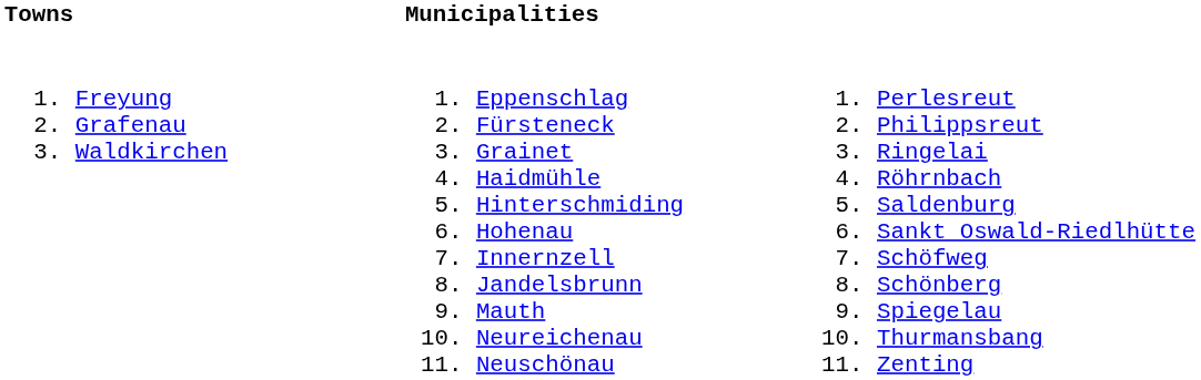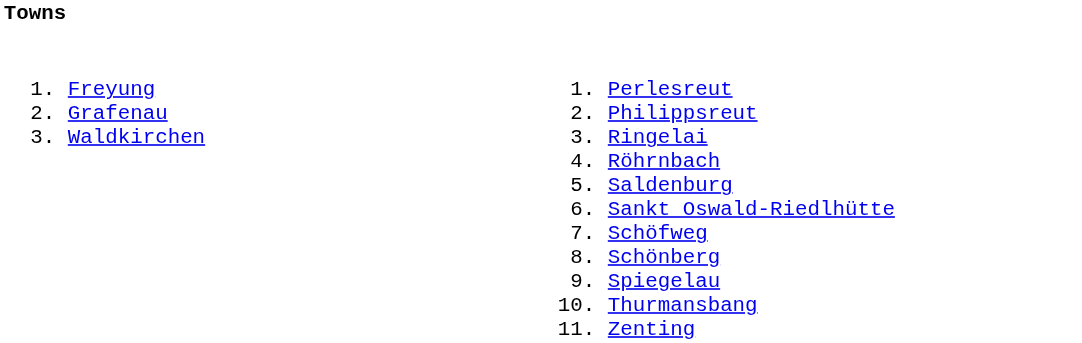 <table>
 <tr>
 <th align=left width=33%>Towns</th>
-<th align=left width=33%>Municipalities</th>
 <th align=left width=33%></th>
 </tr>
 <tr valign=top>
 <td><br><ol><li><a href='#'>Freyung</a></li><li><a href='#'>Grafenau</a></li><li><a href='#'>Waldkirchen</a></li></ol></td>
-<td><br><ol><li><a href='#'>Eppenschlag</a></li><li><a href='#'>Fürsteneck</a></li><li><a href='#'>Grainet</a></li><li><a href='#'>Haidmühle</a></li><li><a href='#'>Hinterschmiding</a></li><li><a href='#'>Hohenau</a></li><li><a href='#'>Innernzell</a></li><li><a href='#'>Jandelsbrunn</a></li><li><a href='#'>Mauth</a></li><li><a href='#'>Neureichenau</a></li><li><a href='#'>Neuschönau</a></li></ol></td>
 <td><br><ol> <li> <a href='#'>Perlesreut</a> <li> <a href='#'>Philippsreut</a> <li> <a href='#'>Ringelai</a> <li> <a href='#'>Röhrnbach</a> <li> <a href='#'>Saldenburg</a> <li> <a href='#'>Sankt Oswald-Riedlhütte</a> <li> <a href='#'>Schöfweg</a> <li> <a href='#'>Schönberg</a> <li> <a href='#'>Spiegelau</a> <li> <a href='#'>Thurmansbang</a> <li> <a href='#'>Zenting</a> </ol></td>
 </tr>
 </table>
